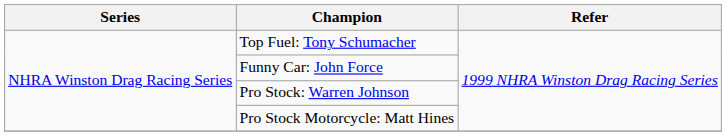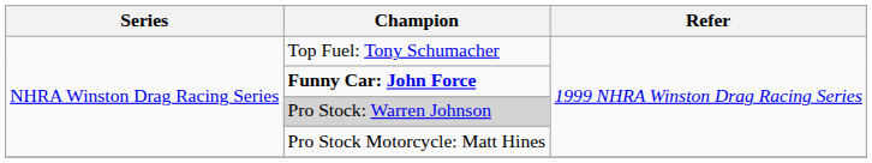 <table class="wikitable" style="font-size:87%;">
 <tr>
 <th>Series</th>
 <th>Champion</th>
 <th>Refer</th>
 </tr>
 <tr>
 <td rowspan=4><a href='#'>NHRA Winston Drag Racing Series</a></td>
 <td>Top Fuel:  <a href='#'>Tony Schumacher</a></td>
 <td rowspan=4><em><a href='#'>1999 NHRA Winston Drag Racing Series</a></em></td>
 </tr>
 <tr>
-<td>Funny Car:  <a href='#'>John Force</a></td>
+<td><strong>Funny Car:  <a href='#'>John Force</a></strong></td>
 </tr>
 <tr>
-<td>Pro Stock:  <a href='#'>Warren Johnson</a></td>
+<td style="background: lightgrey;">Pro Stock:  <a href='#'>Warren Johnson</a></td>
 </tr>
 <tr>
 <td>Pro Stock Motorcycle:  Matt Hines</td>
 </tr>
 <tr>
 </tr>
 </table>
